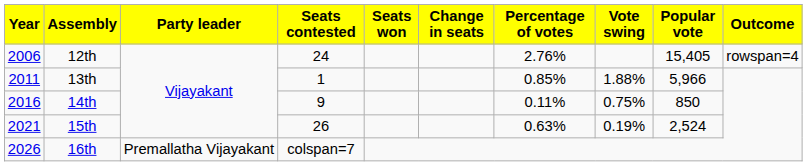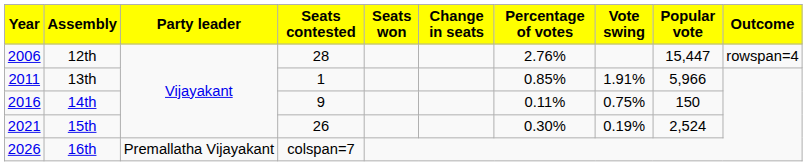 <table class="wikitable sortable" style="text-align:center;">
 <tr>
 <th style="background-color:#FFFF00;color:black">Year</th>
 <th style="background-color:#FFFF00;color:black">Assembly</th>
 <th style="background-color:#FFFF00;color:black">Party leader</th>
 <th style="background-color:#FFFF00;color:black">Seats contested</th>
 <th style="background-color:#FFFF00;color:black">Seats won</th>
 <th style="background-color:#FFFF00;color:black">Change in seats</th>
 <th style="background-color:#FFFF00;color:black">Percentage of votes</th>
 <th style="background-color:#FFFF00;color:black">Vote swing</th>
 <th style="background-color:#FFFF00;color:black">Popular vote</th>
 <th style="background-color:#FFFF00;color:black">Outcome</th>
 </tr>
 <tr>
 <td><a href='#'>2006</a></td>
 <td>12th</td>
 <td rowspan=4><a href='#'>Vijayakant</a></td>
-<td>24</td>
+<td>28</td>
 <td></td>
 <td></td>
 <td>2.76%</td>
 <td></td>
-<td>15,405</td>
+<td>15,447</td>
 <td>rowspan=4 </td>
 </tr>
 <tr>
 <td><a href='#'>2011</a></td>
 <td>13th</td>
 <td>1</td>
 <td></td>
 <td></td>
 <td>0.85%</td>
-<td> 1.88%</td>
+<td> 1.91%</td>
 <td>5,966</td>
 </tr>
 <tr>
 <td><a href='#'>2016</a></td>
 <td><a href='#'>14th</a></td>
 <td>9</td>
 <td></td>
 <td></td>
 <td>0.11%</td>
 <td> 0.75%</td>
-<td>850</td>
+<td>150</td>
 </tr>
 <tr>
 <td><a href='#'>2021</a></td>
 <td><a href='#'>15th</a></td>
 <td>26</td>
 <td></td>
 <td></td>
-<td>0.63%</td>
+<td>0.30%</td>
 <td> 0.19%</td>
 <td>2,524</td>
 </tr>
 <tr>
 <td><a href='#'>2026</a></td>
 <td><a href='#'>16th</a></td>
 <td>Premallatha Vijayakant</td>
 <td>colspan=7 </td>
 </tr>
 </table>
